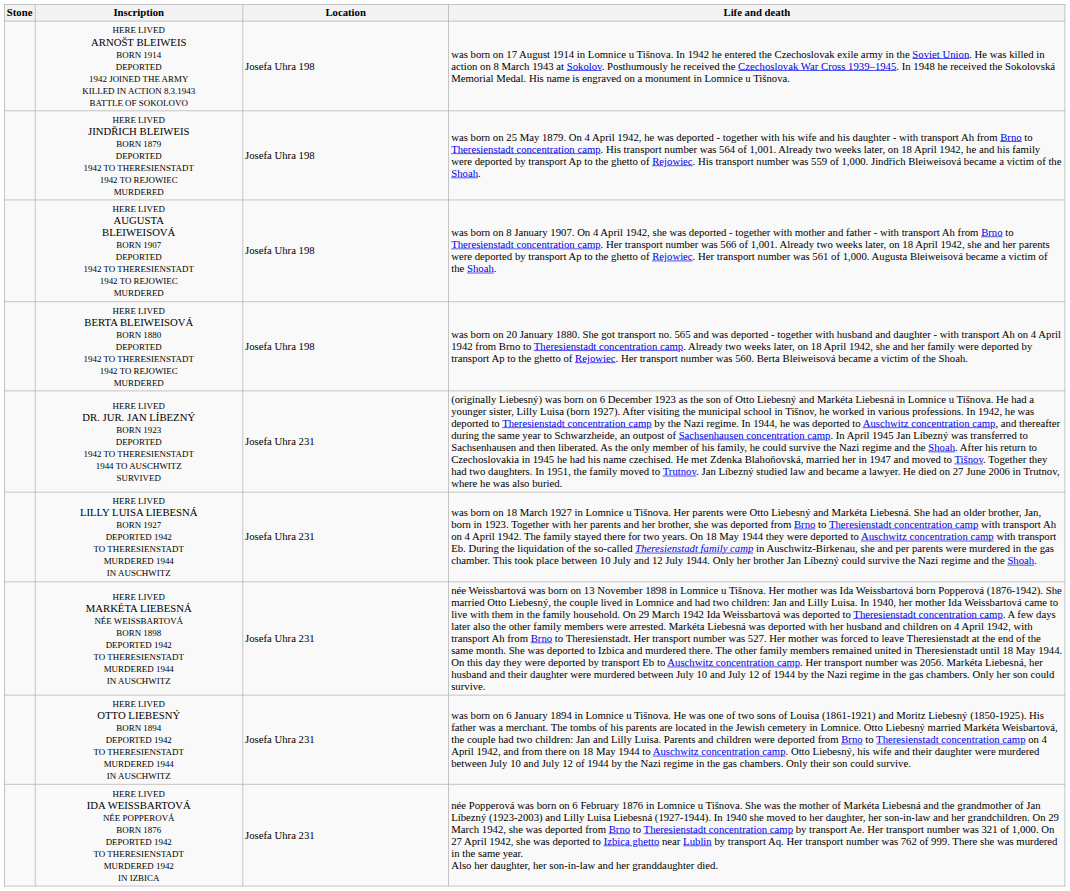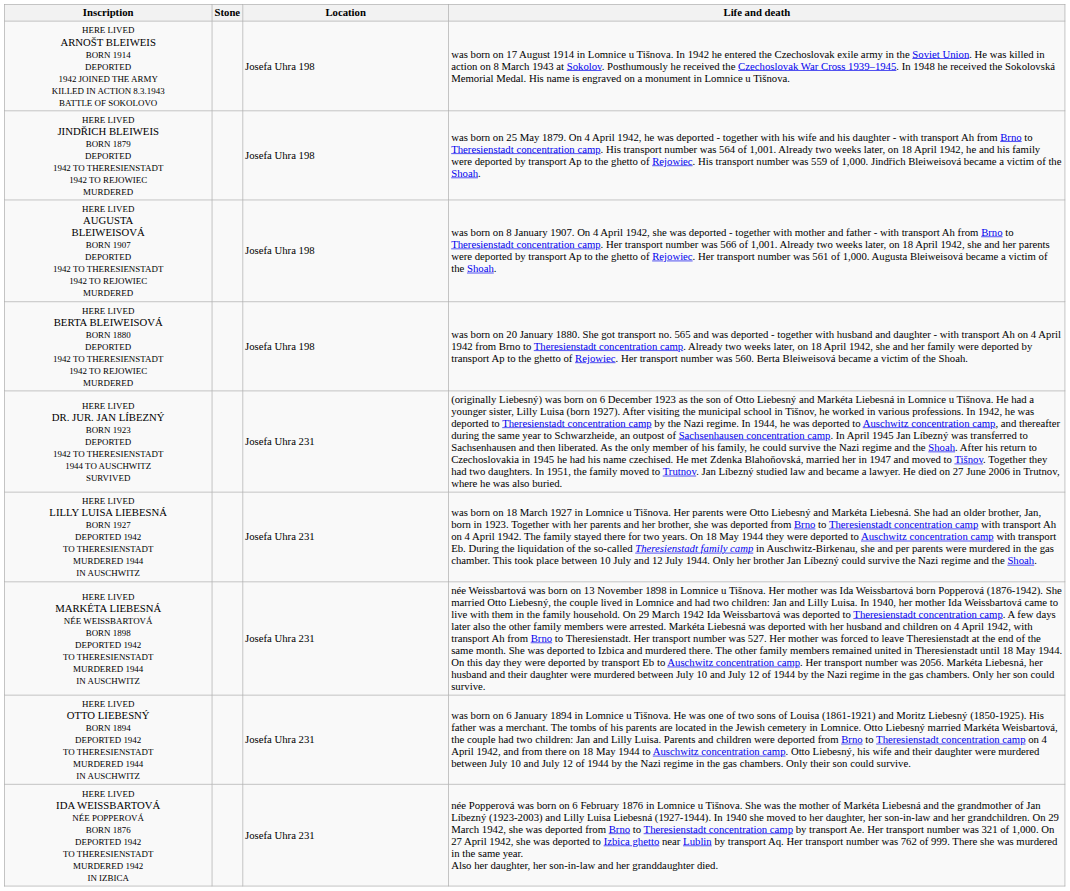 <table class="wikitable sortable toptextcells" style="width:100%">
 <tr>
+<th class="hintergrundfarbe6" style ="width:20%;">Inscription</th>
 <th class="hintergrundfarbe6 unsortable" width="120px">Stone</th>
-<th class="hintergrundfarbe6" style ="width:20%;">Inscription</th>
 <th class="hintergrundfarbe6" data-sort-type="text" style ="width:20%;">Location</th>
 <th class="hintergrundfarbe6 unsortable" style="width:100%;">Life and death</th>
 </tr>
 <tr>
+<td style="text-align:center"><div><small>HERE LIVED</small><br>ARNOŠT BLEIWEIS<br><small>BORN 1914<br>DEPORTED<br>1942 JOINED THE ARMY<br>KILLED IN ACTION 8.3.1943<br>BATTLE OF SOKOLOVO</small></div></td>
 <td></td>
-<td style="text-align:center"><div><small>HERE LIVED</small><br>ARNOŠT BLEIWEIS<br><small>BORN 1914<br>DEPORTED<br>1942 JOINED THE ARMY<br>KILLED IN ACTION 8.3.1943<br>BATTLE OF SOKOLOVO</small></div></td>
 <td>Josefa Uhra 198<br></td>
 <td><strong></strong> was born on 17 August 1914 in Lomnice u Tišnova. In 1942 he entered the Czechoslovak exile army in the <a href='#'>Soviet Union</a>. He was killed in action on 8 March 1943 at <a href='#'>Sokolov</a>. Posthumously he received the <a href='#'>Czechoslovak War Cross 1939–1945</a>. In 1948 he received the Sokolovská Memorial Medal. His name is engraved on a monument in Lomnice u Tišnova.</td>
 </tr>
 <tr>
+<td style="text-align:center"><div><small>HERE LIVED</small><br>JINDŘICH BLEIWEIS<br><small>BORN 1879<br>DEPORTED<br>1942 TO THERESIENSTADT<br>1942 TO REJOWIEC<br>MURDERED</small></div></td>
 <td></td>
-<td style="text-align:center"><div><small>HERE LIVED</small><br>JINDŘICH BLEIWEIS<br><small>BORN 1879<br>DEPORTED<br>1942 TO THERESIENSTADT<br>1942 TO REJOWIEC<br>MURDERED</small></div></td>
 <td>Josefa Uhra 198<br></td>
 <td><strong></strong> was born on 25 May 1879. On 4 April 1942, he was deported - together with his wife and his daughter - with transport Ah from <a href='#'>Brno</a> to <a href='#'>Theresienstadt concentration camp</a>. His transport number was 564 of 1,001. Already two weeks later, on 18 April 1942, he and his family were deported by transport Ap to the ghetto of  <a href='#'>Rejowiec</a>. His transport number was 559 of 1,000. Jindřich Bleiweisová became a victim of the <a href='#'>Shoah</a>.</td>
 </tr>
 <tr>
+<td style="text-align:center"><div><small>HERE LIVED</small><br>AUGUSTA<br>BLEIWEISOVÁ<br><small>BORN 1907<br>DEPORTED<br>1942 TO THERESIENSTADT<br>1942 TO REJOWIEC<br>MURDERED</small></div></td>
 <td></td>
-<td style="text-align:center"><div><small>HERE LIVED</small><br>AUGUSTA<br>BLEIWEISOVÁ<br><small>BORN 1907<br>DEPORTED<br>1942 TO THERESIENSTADT<br>1942 TO REJOWIEC<br>MURDERED</small></div></td>
 <td>Josefa Uhra 198<br></td>
 <td><strong></strong> was born on 8 January 1907. On 4 April 1942, she was deported - together with mother and father - with transport Ah from <a href='#'>Brno</a> to <a href='#'>Theresienstadt concentration camp</a>. Her transport number was 566 of 1,001. Already two weeks later, on 18 April 1942, she and her parents were deported by transport Ap to the ghetto of  <a href='#'>Rejowiec</a>. Her transport number was 561 of 1,000. Augusta Bleiweisová became a victim of the <a href='#'>Shoah</a>.</td>
 </tr>
 <tr>
+<td style="text-align:center"><div><small>HERE LIVED</small><br>BERTA BLEIWEISOVÁ<br><small>BORN 1880<br>DEPORTED<br>1942 TO THERESIENSTADT<br>1942 TO REJOWIEC<br>MURDERED</small></div></td>
 <td></td>
-<td style="text-align:center"><div><small>HERE LIVED</small><br>BERTA BLEIWEISOVÁ<br><small>BORN 1880<br>DEPORTED<br>1942 TO THERESIENSTADT<br>1942 TO REJOWIEC<br>MURDERED</small></div></td>
 <td>Josefa Uhra 198<br></td>
 <td><strong></strong> was born on 20 January 1880. She got transport no. 565 and was deported - together with husband and daughter - with transport Ah on 4 April 1942 from Brno to <a href='#'>Theresienstadt concentration camp</a>. Already two weeks later, on 18 April 1942, she and her family were deported by transport Ap to the ghetto of <a href='#'>Rejowiec</a>. Her transport number was 560. Berta Bleiweisová became a victim of the Shoah.</td>
 </tr>
 <tr>
+<td style="text-align:center"><div><small>HERE LIVED</small><br>DR. JUR. JAN LÍBEZNÝ<br><small>BORN 1923<br>DEPORTED<br>1942 TO THERESIENSTADT<br>1944 TO AUSCHWITZ<br>SURVIVED</small></div></td>
 <td></td>
-<td style="text-align:center"><div><small>HERE LIVED</small><br>DR. JUR. JAN LÍBEZNÝ<br><small>BORN 1923<br>DEPORTED<br>1942 TO THERESIENSTADT<br>1944 TO AUSCHWITZ<br>SURVIVED</small></div></td>
 <td>Josefa Uhra 231<br></td>
 <td><strong></strong> (originally Liebesný) was born on 6 December 1923 as the son of Otto Liebesný and Markéta Liebesná in Lomnice u Tišnova. He had a younger sister, Lilly Luisa (born 1927). After visiting the municipal school in Tišnov, he worked in various professions. In 1942, he was deported to <a href='#'>Theresienstadt concentration camp</a> by the Nazi regime. In 1944, he was deported to <a href='#'>Auschwitz concentration camp</a>, and thereafter during the same year to Schwarzheide, an outpost of <a href='#'>Sachsenhausen concentration camp</a>. In April 1945 Jan Líbezný was transferred to Sachsenhausen and then liberated. As the only member of his family, he could survive the Nazi regime and the <a href='#'>Shoah</a>. After his return to Czechoslovakia in 1945 he had his name czechised. He met Zdenka Blahoňovská, married her in 1947 and moved to <a href='#'>Tišnov</a>. Together they had two daughters. In 1951, the family moved to <a href='#'>Trutnov</a>. Jan Líbezný studied law and became a lawyer. He died on 27 June 2006 in Trutnov, where he was also buried.</td>
 </tr>
 <tr>
+<td style="text-align:center"><div><small>HERE LIVED</small><br>LILLY LUISA LIEBESNÁ<br><small>BORN 1927<br>DEPORTED 1942<br>TO THERESIENSTADT<br>MURDERED 1944<br>IN AUSCHWITZ</small></div></td>
 <td></td>
-<td style="text-align:center"><div><small>HERE LIVED</small><br>LILLY LUISA LIEBESNÁ<br><small>BORN 1927<br>DEPORTED 1942<br>TO THERESIENSTADT<br>MURDERED 1944<br>IN AUSCHWITZ</small></div></td>
 <td>Josefa Uhra 231<br></td>
 <td><strong></strong> was born on 18 March 1927 in Lomnice u Tišnova. Her parents were Otto Liebesný and Markéta Liebesná. She had an older brother, Jan, born in 1923. Together with her parents and her brother, she was deported from <a href='#'>Brno</a> to <a href='#'>Theresienstadt concentration camp</a> with transport Ah on 4 April 1942. The family stayed there for two years. On 18 May 1944 they were deported to <a href='#'>Auschwitz concentration camp</a> with transport Eb. During the liquidation of the so-called <em><a href='#'>Theresienstadt family camp</a></em> in Auschwitz-Birkenau, she and per parents were  murdered in the gas chamber. This took place between 10 July and 12 July 1944. Only her brother Jan Líbezný could survive the Nazi regime and the <a href='#'>Shoah</a>.</td>
 </tr>
 <tr>
+<td style="text-align:center"><div><small>HERE LIVED</small><br>MARKÉTA LIEBESNÁ<br><small>NÉE WEISSBARTOVÁ<br>BORN 1898<br>DEPORTED 1942<br>TO THERESIENSTADT<br>MURDERED 1944<br>IN AUSCHWITZ</small></div></td>
 <td></td>
-<td style="text-align:center"><div><small>HERE LIVED</small><br>MARKÉTA LIEBESNÁ<br><small>NÉE WEISSBARTOVÁ<br>BORN 1898<br>DEPORTED 1942<br>TO THERESIENSTADT<br>MURDERED 1944<br>IN AUSCHWITZ</small></div></td>
 <td>Josefa Uhra 231<br></td>
 <td><strong></strong> née Weissbartová was born on 13 November 1898 in Lomnice u Tišnova. Her mother was Ida Weissbartová born Popperová (1876-1942). She married Otto Liebesný, the couple lived in Lomnice and had two children: Jan and Lilly Luisa. In 1940, her mother Ida Weissbartová came to live with them in the family household. On 29 March 1942 Ida Weissbartová was deported to <a href='#'>Theresienstadt concentration camp</a>. A few days later also the other family members were arrested. Markéta Liebesná was deported with her husband and children on 4 April 1942, with transport Ah from <a href='#'>Brno</a> to Theresienstadt. Her transport number was 527. Her mother was forced to leave Theresienstadt at the end of the same month. She was deported to Izbica and murdered there. The other family members remained united in Theresienstadt until 18 May 1944. On this day they were deported by transport Eb to <a href='#'>Auschwitz concentration camp</a>. Her transport number was 2056. Markéta Liebesná, her husband and their daughter were murdered between July 10 and July 12 of 1944 by the Nazi regime in the gas chambers. Only her son could survive.</td>
 </tr>
 <tr>
+<td style="text-align:center"><div><small>HERE LIVED</small><br>OTTO LIEBESNÝ<br><small>BORN 1894<br>DEPORTED 1942<br>TO THERESIENSTADT<br>MURDERED 1944<br>IN AUSCHWITZ</small></div></td>
 <td></td>
-<td style="text-align:center"><div><small>HERE LIVED</small><br>OTTO LIEBESNÝ<br><small>BORN 1894<br>DEPORTED 1942<br>TO THERESIENSTADT<br>MURDERED 1944<br>IN AUSCHWITZ</small></div></td>
 <td>Josefa Uhra 231<br></td>
 <td><strong></strong> was born on 6 January 1894 in Lomnice u Tišnova. He was one of two sons of Louisa (1861-1921) and Moritz Liebesný (1850-1925). His father was a merchant. The tombs of his parents are located in the Jewish cemetery in Lomnice. Otto Liebesný married Markéta Weisbartová, the couple had two children: Jan and Lilly Luisa. Parents and children were deported from <a href='#'>Brno</a> to <a href='#'>Theresienstadt concentration camp</a> on 4 April 1942, and from there on 18 May 1944 to <a href='#'>Auschwitz concentration camp</a>. Otto Liebesný, his wife and their daughter were murdered between July 10 and July 12 of 1944 by the Nazi regime in the gas chambers. Only their son could survive.</td>
 </tr>
 <tr>
+<td style="text-align:center"><div><small>HERE LIVED</small><br>IDA WEISSBARTOVÁ<br><small>NÉE POPPEROVÁ<br>BORN 1876<br>DEPORTED 1942<br>TO THERESIENSTADT<br>MURDERED 1942<br>IN IZBICA</small></div></td>
 <td></td>
-<td style="text-align:center"><div><small>HERE LIVED</small><br>IDA WEISSBARTOVÁ<br><small>NÉE POPPEROVÁ<br>BORN 1876<br>DEPORTED 1942<br>TO THERESIENSTADT<br>MURDERED 1942<br>IN IZBICA</small></div></td>
 <td>Josefa Uhra 231<br></td>
 <td><strong></strong> née Popperová was born on 6 February 1876 in Lomnice u Tišnova. She was the mother of Markéta Liebesná and the grandmother of Jan Líbezný (1923-2003) and Lilly Luisa Liebesná (1927-1944). In 1940 she moved to her daughter, her son-in-law and her grandchildren. On 29 March 1942, she was deported from <a href='#'>Brno</a> to <a href='#'>Theresienstadt concentration camp</a> by transport Ae. Her transport number was 321 of 1,000.  On 27 April 1942, she was deported to <a href='#'>Izbica ghetto</a> near <a href='#'>Lublin</a> by transport Aq. Her transport number was 762 of 999. There she was murdered in the same year.<br>Also her daughter, her son-in-law and her granddaughter died.</td>
 </tr>
 </table>
